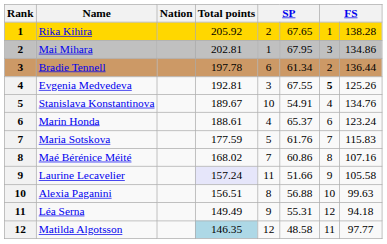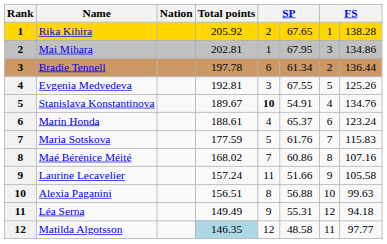 <table class="wikitable sortable">
 <tr>
 <th>Rank</th>
 <th>Name</th>
 <th>Nation</th>
 <th>Total points</th>
 <th colspan="2" width="80px"><a href='#'>SP</a></th>
 <th colspan="2" width="80px"><a href='#'>FS</a></th>
 </tr>
 <tr bgcolor="gold">
 <td align="center"><strong>1</strong></td>
 <td><a href='#'>Rika Kihira</a></td>
 <td></td>
 <td align="center">205.92</td>
 <td align="center">2</td>
 <td align="center">67.65</td>
 <td align="center">1</td>
 <td align="center">138.28</td>
 </tr>
 <tr bgcolor="silver">
 <td align="center"><strong>2</strong></td>
 <td><a href='#'>Mai Mihara</a></td>
 <td></td>
 <td align="center">202.81</td>
 <td align="center">1</td>
 <td align="center">67.95</td>
 <td align="center">3</td>
 <td align="center">134.86</td>
 </tr>
 <tr bgcolor="cc9966">
 <td align="center"><strong>3</strong></td>
 <td><a href='#'>Bradie Tennell</a></td>
 <td></td>
 <td align="center">197.78</td>
 <td align="center">6</td>
 <td align="center">61.34</td>
 <td align="center">2</td>
 <td align="center">136.44</td>
 </tr>
 <tr>
 <th>4</th>
 <td><a href='#'>Evgenia Medvedeva</a></td>
 <td></td>
 <td align="center">192.81</td>
 <td align="center">3</td>
 <td align="center">67.55</td>
-<td align="center"><strong>5</strong></td>
+<td align="center">5</td>
 <td align="center">125.26</td>
 </tr>
 <tr>
 <th>5</th>
 <td><a href='#'>Stanislava Konstantinova</a></td>
 <td></td>
 <td align="center">189.67</td>
-<td align="center">10</td>
+<td align="center"><strong>10</strong></td>
 <td align="center">54.91</td>
 <td align="center">4</td>
 <td align="center">134.76</td>
 </tr>
 <tr>
 <th>6</th>
 <td><a href='#'>Marin Honda</a></td>
 <td></td>
 <td align="center">188.61</td>
 <td align="center">4</td>
 <td align="center">65.37</td>
 <td align="center">6</td>
 <td align="center">123.24</td>
 </tr>
 <tr>
 <th>7</th>
 <td><a href='#'>Maria Sotskova</a></td>
 <td></td>
 <td align="center">177.59</td>
 <td align="center">5</td>
 <td align="center">61.76</td>
 <td align="center">7</td>
 <td align="center">115.83</td>
 </tr>
 <tr>
 <th>8</th>
 <td><a href='#'>Maé Bérénice Méité</a></td>
 <td></td>
 <td align="center">168.02</td>
 <td align="center">7</td>
 <td align="center">60.86</td>
 <td align="center">8</td>
 <td align="center">107.16</td>
 </tr>
 <tr>
 <th>9</th>
 <td><a href='#'>Laurine Lecavelier</a></td>
 <td></td>
-<td align="center" style="background: lavender;">157.24</td>
+<td align="center">157.24</td>
 <td align="center">11</td>
 <td align="center">51.66</td>
 <td align="center">9</td>
 <td align="center">105.58</td>
 </tr>
 <tr>
 <th>10</th>
 <td><a href='#'>Alexia Paganini</a></td>
 <td></td>
 <td align="center">156.51</td>
 <td align="center">8</td>
 <td align="center">56.88</td>
 <td align="center">10</td>
 <td align="center">99.63</td>
 </tr>
 <tr>
 <th>11</th>
 <td><a href='#'>Léa Serna</a></td>
 <td></td>
 <td align="center">149.49</td>
 <td align="center">9</td>
 <td align="center">55.31</td>
 <td align="center">12</td>
 <td align="center">94.18</td>
 </tr>
 <tr>
 <th>12</th>
 <td><a href='#'>Matilda Algotsson</a></td>
 <td></td>
 <td align="center" style="background: lightblue;">146.35</td>
 <td align="center">12</td>
 <td align="center">48.58</td>
 <td align="center">11</td>
 <td align="center">97.77</td>
 </tr>
 </table>
